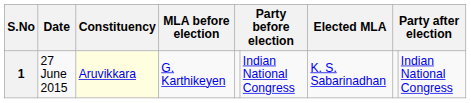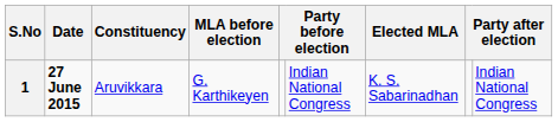 <table class="wikitable sortable">
 <tr>
 <th>S.No</th>
 <th>Date</th>
 <th>Constituency</th>
 <th>MLA before election</th>
 <th colspan="2">Party before election</th>
 <th>Elected MLA</th>
 <th colspan="2">Party after election</th>
 </tr>
 <tr>
 <th>1</th>
-<td>27 June 2015</td>
-<td style="background: lightyellow;"><a href='#'>Aruvikkara</a></td>
+<td><strong>27 June 2015</strong></td>
+<td><a href='#'>Aruvikkara</a></td>
 <td><a href='#'>G. Karthikeyen</a></td>
 <td></td>
 <td><a href='#'>Indian National Congress</a></td>
 <td><a href='#'>K. S. Sabarinadhan</a></td>
 <td></td>
 <td><a href='#'>Indian National Congress</a></td>
 </tr>
 </table>
